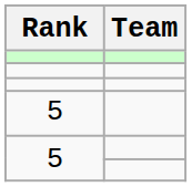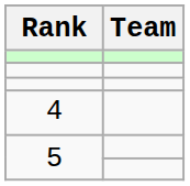 <table class="wikitable" style="text-align:center;">
 <tr>
 <th width=40>Rank</th>
 <th>Team</th>
 </tr>
 <tr bgcolor=#ccffcc>
 <td></td>
 <td style="text-align:left;"></td>
 </tr>
 <tr>
 <td></td>
 <td style="text-align:left;"></td>
 </tr>
 <tr>
 <td></td>
 <td style="text-align:left;"></td>
 </tr>
 <tr>
-<td>5</td>
+<td>4</td>
 <td style="text-align:left;"></td>
 </tr>
 <tr>
 <td rowspan=2>5</td>
 <td style="text-align:left;"></td>
 </tr>
 <tr>
 <td style="text-align:left;"></td>
 </tr>
 </table>
